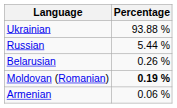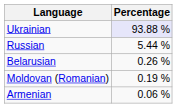 <table class="wikitable">
 <tr>
 <th>Language</th>
 <th>Percentage</th>
 </tr>
 <tr>
 <td><a href='#'>Ukrainian</a></td>
-<td align="right">93.88 %</td>
+<td align="right" style="background: lavender;">93.88 %</td>
 </tr>
 <tr>
 <td><a href='#'>Russian</a></td>
 <td align="right">5.44 %</td>
 </tr>
 <tr>
 <td><a href='#'>Belarusian</a></td>
 <td align="right">0.26 %</td>
 </tr>
 <tr>
 <td><a href='#'>Moldovan</a> (<a href='#'>Romanian</a>)</td>
-<td align="right"><strong>0.19 %</strong></td>
+<td align="right">0.19 %</td>
 </tr>
 <tr>
 <td><a href='#'>Armenian</a></td>
 <td align="right">0.06 %</td>
 </tr>
 </table>
